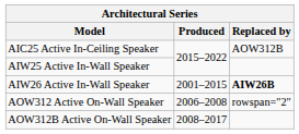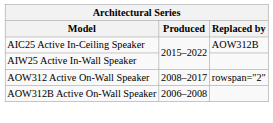 <table class="wikitable sortable mw-collapsible mw-collapsed" style="display: inline-table; margin-top: 0px; margin-bottom: 0px; margin-left: 2.5px; margin-right: 0px;">
 <tr>
 <th colspan="3">Architectural Series</th>
 </tr>
 <tr>
 <th>Model</th>
 <th>Produced</th>
 <th>Replaced by</th>
 </tr>
 <tr>
 <td>AIC25 Active In-Ceiling Speaker</td>
 <td style="text-align: center;" rowspan="2">2015–2022</td>
 <td>AOW312B</td>
 </tr>
 <tr>
 <td>AIW25 Active In-Wall Speaker</td>
 </tr>
 <tr>
-<td>AIW26 Active In-Wall Speaker</td>
-<td style="text-align: center;">2001–2015</td>
-<td><strong>AIW26B</strong></td>
-</tr>
-<tr>
 <td>AOW312 Active On-Wall Speaker</td>
-<td style="text-align: center;">2006–2008</td>
+<td style="text-align: center;">2008–2017</td>
 <td>rowspan="2" </td>
 </tr>
 <tr>
 <td>AOW312B Active On-Wall Speaker</td>
-<td style="text-align: center;">2008–2017</td>
+<td style="text-align: center;">2006–2008</td>
 <td></td>
 </tr>
 </table>
